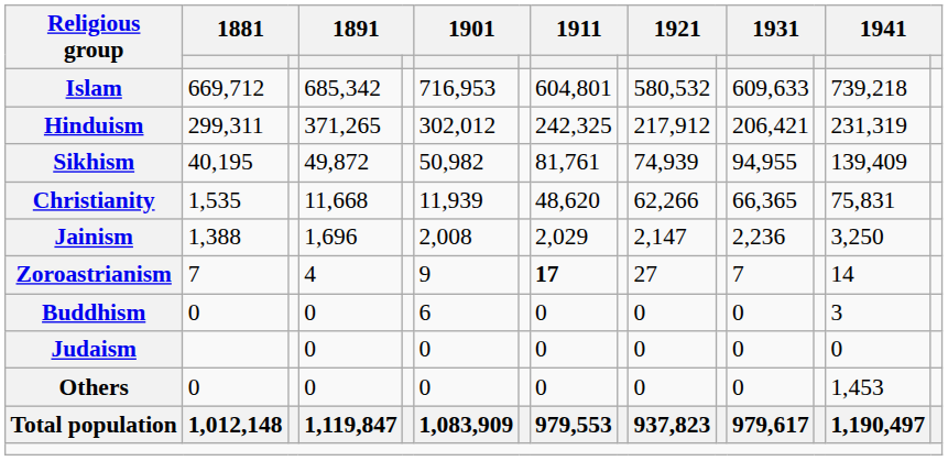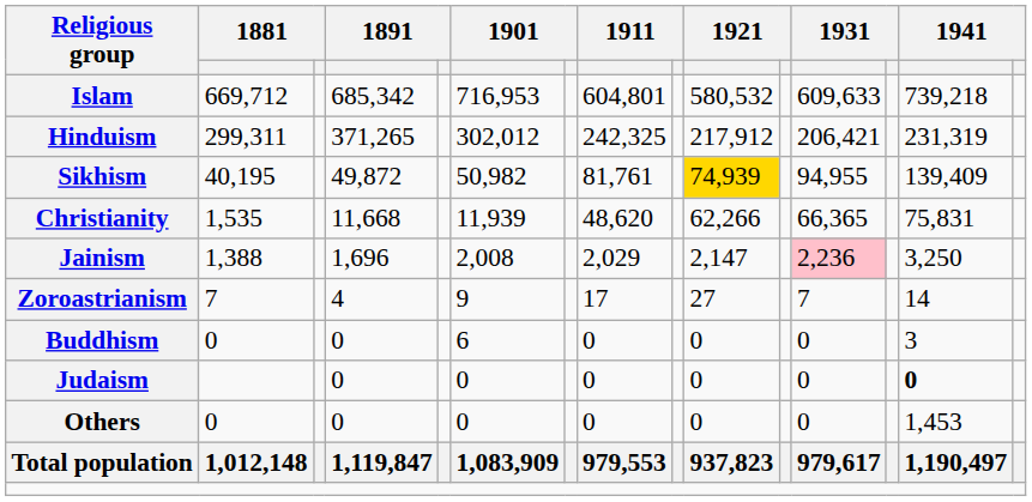 <table class="wikitable sortable">
 <tr>
 <th rowspan="2"><a href='#'>Religious</a><br>group</th>
 <th colspan="2">1881</th>
 <th colspan="2">1891</th>
 <th colspan="2">1901</th>
 <th colspan="2">1911</th>
 <th colspan="2">1921</th>
 <th colspan="2">1931</th>
 <th colspan="2">1941</th>
 </tr>
 <tr>
 <th><a href='#'></a></th>
 <th></th>
 <th></th>
 <th></th>
 <th></th>
 <th></th>
 <th></th>
 <th></th>
 <th></th>
 <th></th>
 <th></th>
 <th></th>
 <th></th>
 <th></th>
 </tr>
 <tr>
 <th><a href='#'>Islam</a> </th>
 <td>669,712</td>
 <td></td>
 <td>685,342</td>
 <td></td>
 <td>716,953</td>
 <td></td>
 <td>604,801</td>
 <td></td>
 <td>580,532</td>
 <td></td>
 <td>609,633</td>
 <td></td>
 <td>739,218</td>
 <td></td>
 </tr>
 <tr>
 <th><a href='#'>Hinduism</a> </th>
 <td>299,311</td>
 <td></td>
 <td>371,265</td>
 <td></td>
 <td>302,012</td>
 <td></td>
 <td>242,325</td>
 <td></td>
 <td>217,912</td>
 <td></td>
 <td>206,421</td>
 <td></td>
 <td>231,319</td>
 <td></td>
 </tr>
 <tr>
 <th><a href='#'>Sikhism</a> </th>
 <td>40,195</td>
 <td></td>
 <td>49,872</td>
 <td></td>
 <td>50,982</td>
 <td></td>
 <td>81,761</td>
 <td></td>
-<td>74,939</td>
+<td style="background: gold;">74,939</td>
 <td></td>
 <td>94,955</td>
 <td></td>
 <td>139,409</td>
 <td></td>
 </tr>
 <tr>
 <th><a href='#'>Christianity</a> </th>
 <td>1,535</td>
 <td></td>
 <td>11,668</td>
 <td></td>
 <td>11,939</td>
 <td></td>
 <td>48,620</td>
 <td></td>
 <td>62,266</td>
 <td></td>
 <td>66,365</td>
 <td></td>
 <td>75,831</td>
 <td></td>
 </tr>
 <tr>
 <th><a href='#'>Jainism</a> </th>
 <td>1,388</td>
 <td></td>
 <td>1,696</td>
 <td></td>
 <td>2,008</td>
 <td></td>
 <td>2,029</td>
 <td></td>
 <td>2,147</td>
 <td></td>
-<td>2,236</td>
+<td style="background: pink;">2,236</td>
 <td></td>
 <td>3,250</td>
 <td></td>
 </tr>
 <tr>
 <th><a href='#'>Zoroastrianism</a> </th>
 <td>7</td>
 <td></td>
 <td>4</td>
 <td></td>
 <td>9</td>
 <td></td>
-<td><strong>17</strong></td>
+<td>17</td>
 <td></td>
 <td>27</td>
 <td></td>
 <td>7</td>
 <td></td>
 <td>14</td>
 <td></td>
 </tr>
 <tr>
 <th><a href='#'>Buddhism</a> </th>
 <td>0</td>
 <td></td>
 <td>0</td>
 <td></td>
 <td>6</td>
 <td></td>
 <td>0</td>
 <td></td>
 <td>0</td>
 <td></td>
 <td>0</td>
 <td></td>
 <td>3</td>
 <td></td>
 </tr>
 <tr>
 <th><a href='#'>Judaism</a> </th>
 <td></td>
 <td></td>
 <td>0</td>
 <td></td>
 <td>0</td>
 <td></td>
 <td>0</td>
 <td></td>
 <td>0</td>
 <td></td>
 <td>0</td>
 <td></td>
-<td>0</td>
+<td><strong>0</strong></td>
 <td></td>
 </tr>
 <tr>
 <th>Others</th>
 <td>0</td>
 <td></td>
 <td>0</td>
 <td></td>
 <td>0</td>
 <td></td>
 <td>0</td>
 <td></td>
 <td>0</td>
 <td></td>
 <td>0</td>
 <td></td>
 <td>1,453</td>
 <td></td>
 </tr>
 <tr>
 <th>Total population</th>
 <th>1,012,148</th>
 <th></th>
 <th>1,119,847</th>
 <th></th>
 <th>1,083,909</th>
 <th></th>
 <th>979,553</th>
 <th></th>
 <th>937,823</th>
 <th></th>
 <th>979,617</th>
 <th></th>
 <th>1,190,497</th>
 <th></th>
 </tr>
 <tr class="sortbottom">
 <td colspan="15"></td>
 </tr>
 </table>
